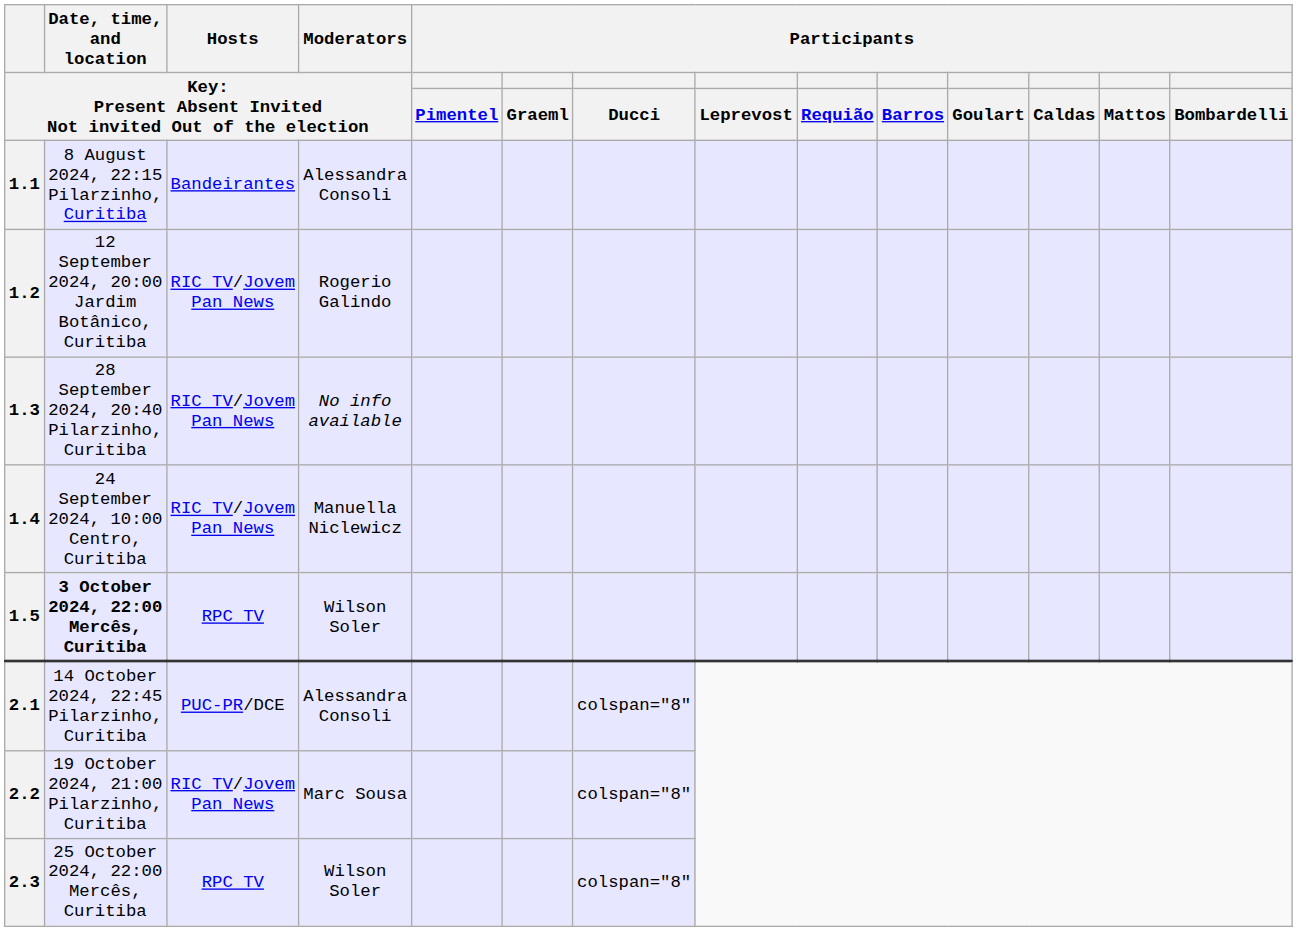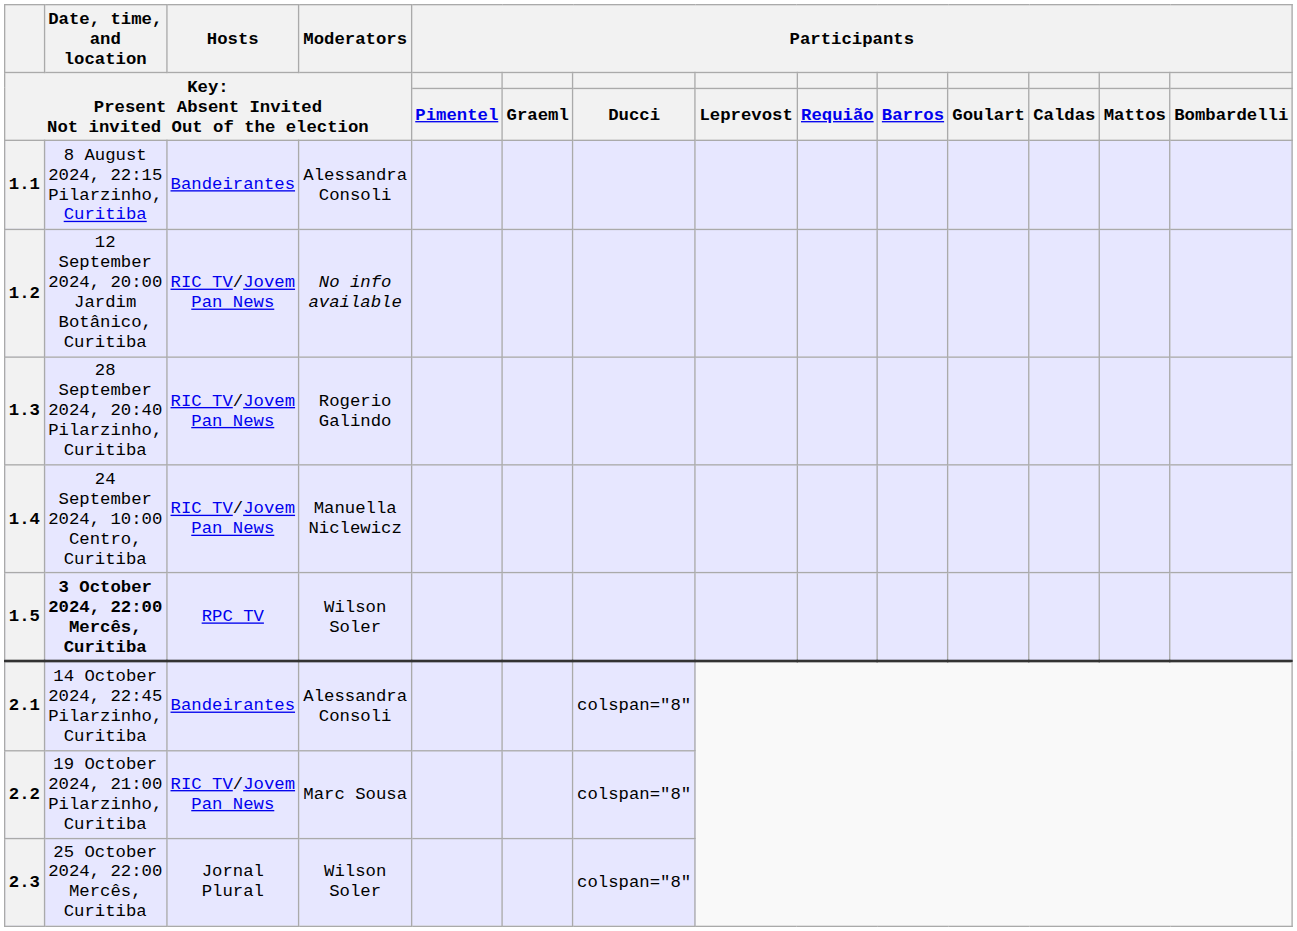 <table class=wikitable style=text-align:center>
 <tr>
 <th></th>
 <th>Date, time, and location</th>
 <th>Hosts</th>
 <th>Moderators</th>
 <th colspan="10" scope="col">Participants</th>
 </tr>
 <tr>
 <th colspan=4 rowspan=2>Key:<br> Present  Absent  Invited<br> Not invited  Out of the election</th>
 <th scope=col style=background:><a href='#'></a></th>
 <th scope=col style=background:><a href='#'></a></th>
 <th scope="col" style="background:"><a href='#'></a></th>
 <th scope=col style=background:><a href='#'></a></th>
 <th scope=col style=background:><a href='#'></a></th>
 <th scope=col style=background:><a href='#'></a></th>
 <th scope=col style=background:><a href='#'></a></th>
 <th scope=col style=background:><a href='#'></a></th>
 <th scope=col style=background:><a href='#'></a></th>
 <th scope=col style=background:><a href='#'></a></th>
 </tr>
 <tr>
 <th><a href='#'>Pimentel</a></th>
 <th>Graeml</th>
 <th>Ducci</th>
 <th>Leprevost</th>
 <th><a href='#'>Requião</a></th>
 <th><a href='#'>Barros</a></th>
 <th>Goulart</th>
 <th>Caldas</th>
 <th>Mattos</th>
 <th>Bombardelli</th>
 </tr>
 <tr style=background:#e7e7ff>
 <th scope=row style=text-align:center>1.1</th>
 <td style=max-width:12em>8 August 2024, 22:15<br>Pilarzinho, <a href='#'>Curitiba</a></td>
 <td style=max-width:12em><a href='#'>Bandeirantes</a></td>
 <td style=max-width:16em>Alessandra Consoli</td>
 <td></td>
 <td></td>
 <td></td>
 <td></td>
 <td></td>
 <td></td>
 <td></td>
 <td></td>
 <td></td>
 <td></td>
 </tr>
 <tr style=background:#e7e7ff>
 <th scope=row style=text-align:center>1.2</th>
 <td style=max-width:12em>12 September 2024, 20:00<br>Jardim Botânico, Curitiba</td>
 <td style=max-width:12em><a href='#'>RIC TV</a>/<a href='#'>Jovem Pan News</a></td>
-<td style=max-width:16em>Rogerio Galindo</td>
+<td style=max-width:16em><em>No info available</em></td>
 <td></td>
 <td></td>
 <td></td>
 <td></td>
 <td></td>
 <td></td>
 <td></td>
 <td></td>
 <td></td>
 <td></td>
 </tr>
 <tr style=background:#e7e7ff>
 <th scope=row style=text-align:center>1.3</th>
 <td style=max-width:12em>28 September 2024, 20:40<br>Pilarzinho, Curitiba</td>
 <td style=max-width:12em><a href='#'>RIC TV</a>/<a href='#'>Jovem Pan News</a></td>
-<td style=max-width:16em><em>No info available</em></td>
+<td style=max-width:16em>Rogerio Galindo</td>
 <td></td>
 <td></td>
 <td></td>
 <td></td>
 <td></td>
 <td></td>
 <td></td>
 <td></td>
 <td></td>
 <td></td>
 </tr>
 <tr style=background:#e7e7ff>
 <th scope=row style=text-align:center>1.4</th>
 <td style=max-width:12em>24 September 2024, 10:00<br>Centro, Curitiba</td>
 <td style=max-width:12em><a href='#'>RIC TV</a>/<a href='#'>Jovem Pan News</a></td>
 <td style=max-width:16em>Manuella Niclewicz</td>
 <td></td>
 <td></td>
 <td></td>
 <td></td>
 <td></td>
 <td></td>
 <td></td>
 <td></td>
 <td></td>
 <td></td>
 </tr>
 <tr style=background:#e7e7ff>
 <th scope=row style=text-align:center>1.5</th>
 <td style=max-width:12em><strong>3 October 2024, 22:00<br>Mercês, Curitiba</strong></td>
 <td style=max-width:12em><a href='#'>RPC TV</a></td>
 <td style=max-width:16em>Wilson Soler</td>
 <td></td>
 <td></td>
 <td></td>
 <td></td>
 <td></td>
 <td></td>
 <td></td>
 <td></td>
 <td></td>
 <td></td>
 </tr>
 <tr style="background:#e7e7ff; border-top: 2px solid #333333">
 <th scope=row style=text-align:center>2.1</th>
 <td style=max-width:12em>14 October 2024, 22:45<br>Pilarzinho, Curitiba</td>
-<td style=max-width:12em><a href='#'>PUC-PR</a>/DCE</td>
+<td style=max-width:12em><a href='#'>Bandeirantes</a></td>
 <td style=max-width:16em>Alessandra Consoli</td>
 <td></td>
 <td></td>
 <td>colspan="8" </td>
 </tr>
 <tr style=background:#e7e7ff>
 <th scope=row style=text-align:center>2.2</th>
 <td style=max-width:12em>19 October 2024, 21:00<br>Pilarzinho, Curitiba</td>
 <td style=max-width:12em><a href='#'>RIC TV</a>/<a href='#'>Jovem Pan News</a></td>
 <td style=max-width:16em>Marc Sousa</td>
 <td></td>
 <td></td>
 <td>colspan="8" </td>
 </tr>
 <tr style=background:#e7e7ff>
 <th scope=row style=text-align:center>2.3</th>
 <td style=max-width:12em>25 October 2024, 22:00<br>Mercês, Curitiba</td>
-<td style=max-width:12em><a href='#'>RPC TV</a></td>
+<td style=max-width:12em>Jornal Plural</td>
 <td style=max-width:16em>Wilson Soler</td>
 <td></td>
 <td></td>
 <td>colspan="8" </td>
 </tr>
 </table>
